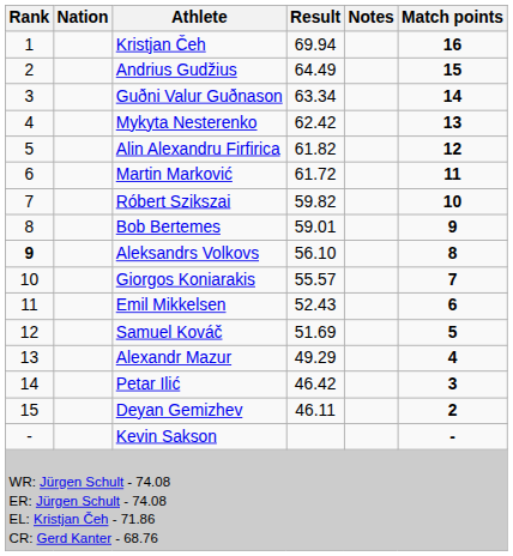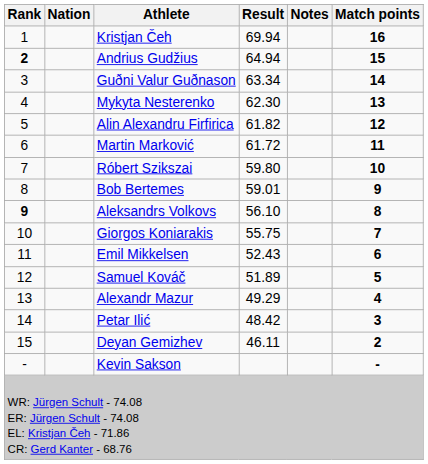 <table class="wikitable sortable" style="text-align:left;">
 <tr>
 <th>Rank</th>
 <th>Nation</th>
 <th>Athlete</th>
 <th>Result</th>
 <th>Notes</th>
 <th>Match points</th>
 </tr>
 <tr>
 <td align=center>1</td>
 <td></td>
 <td><a href='#'>Kristjan Čeh</a></td>
 <td align=center>69.94</td>
 <td align=center></td>
 <td align=center><strong>16</strong></td>
 </tr>
 <tr>
-<td align=center>2</td>
+<td align=center><strong>2</strong></td>
 <td></td>
 <td><a href='#'>Andrius Gudžius</a></td>
-<td align=center>64.49</td>
+<td align=center>64.94</td>
 <td></td>
 <td align=center><strong>15</strong></td>
 </tr>
 <tr>
 <td align=center>3</td>
 <td></td>
 <td><a href='#'>Guðni Valur Guðnason</a></td>
 <td align=center>63.34</td>
 <td></td>
 <td align=center><strong>14</strong></td>
 </tr>
 <tr>
 <td align=center>4</td>
 <td></td>
 <td><a href='#'>Mykyta Nesterenko</a></td>
-<td align=center>62.42</td>
+<td align=center>62.30</td>
 <td align=center></td>
 <td align=center><strong>13</strong></td>
 </tr>
 <tr>
 <td align=center>5</td>
 <td></td>
 <td><a href='#'>Alin Alexandru Firfirica</a></td>
 <td align=center>61.82</td>
 <td></td>
 <td align=center><strong>12</strong></td>
 </tr>
 <tr>
 <td align=center>6</td>
 <td></td>
 <td><a href='#'>Martin Marković</a></td>
 <td align=center>61.72</td>
 <td></td>
 <td align=center><strong>11</strong></td>
 </tr>
 <tr>
 <td align=center>7</td>
 <td></td>
 <td><a href='#'>Róbert Szikszai</a></td>
-<td align=center>59.82</td>
+<td align=center>59.80</td>
 <td></td>
 <td align=center><strong>10</strong></td>
 </tr>
 <tr>
 <td align=center>8</td>
 <td></td>
 <td><a href='#'>Bob Bertemes</a></td>
 <td align=center>59.01</td>
 <td></td>
 <td align=center><strong>9</strong></td>
 </tr>
 <tr>
 <td align=center><strong>9</strong></td>
 <td></td>
 <td><a href='#'>Aleksandrs Volkovs</a></td>
 <td align=center>56.10</td>
 <td align=center></td>
 <td align=center><strong>8</strong></td>
 </tr>
 <tr>
 <td align=center>10</td>
 <td></td>
 <td><a href='#'>Giorgos Koniarakis</a></td>
-<td align=center>55.57</td>
+<td align=center>55.75</td>
 <td></td>
 <td align=center><strong>7</strong></td>
 </tr>
 <tr>
 <td align=center>11</td>
 <td></td>
 <td><a href='#'>Emil Mikkelsen</a></td>
 <td align=center>52.43</td>
 <td></td>
 <td align=center><strong>6</strong></td>
 </tr>
 <tr>
 <td align=center>12</td>
 <td></td>
 <td><a href='#'>Samuel Kováč</a></td>
-<td align=center>51.69</td>
+<td align=center>51.89</td>
 <td></td>
 <td align=center><strong>5</strong></td>
 </tr>
 <tr>
 <td align=center>13</td>
 <td></td>
 <td><a href='#'>Alexandr Mazur</a></td>
 <td align=center>49.29</td>
 <td align=center></td>
 <td align=center><strong>4</strong></td>
 </tr>
 <tr>
 <td align=center>14</td>
 <td></td>
 <td><a href='#'>Petar Ilić</a></td>
-<td align=center>46.42</td>
+<td align=center>48.42</td>
 <td></td>
 <td align=center><strong>3</strong></td>
 </tr>
 <tr>
 <td align=center>15</td>
 <td></td>
 <td><a href='#'>Deyan Gemizhev</a></td>
 <td align=center>46.11</td>
 <td></td>
 <td align=center><strong>2</strong></td>
 </tr>
 <tr>
 <td align=center>-</td>
 <td></td>
 <td><a href='#'>Kevin Sakson</a></td>
 <td align=center></td>
 <td></td>
 <td align=center><strong>-</strong></td>
 </tr>
 <tr>
 <td colspan="6" bgcolor="#cccccc"><br> <small>WR:   <a href='#'>Jürgen Schult</a> - 74.08<br>ER:  <a href='#'>Jürgen Schult</a> - 74.08<br></small> <small>EL:  <a href='#'>Kristjan Čeh</a> - 71.86<br>CR:  <a href='#'>Gerd Kanter</a> - 68.76</small></td>
 </tr>
 </table>
